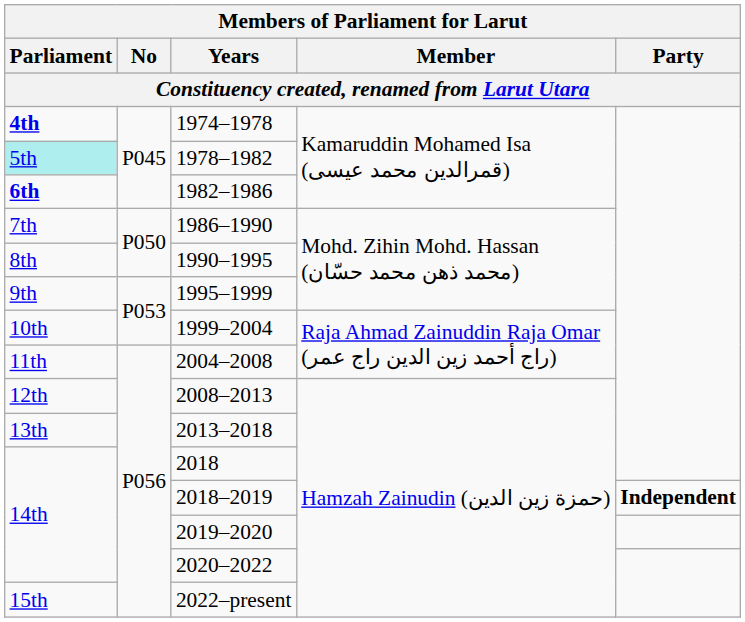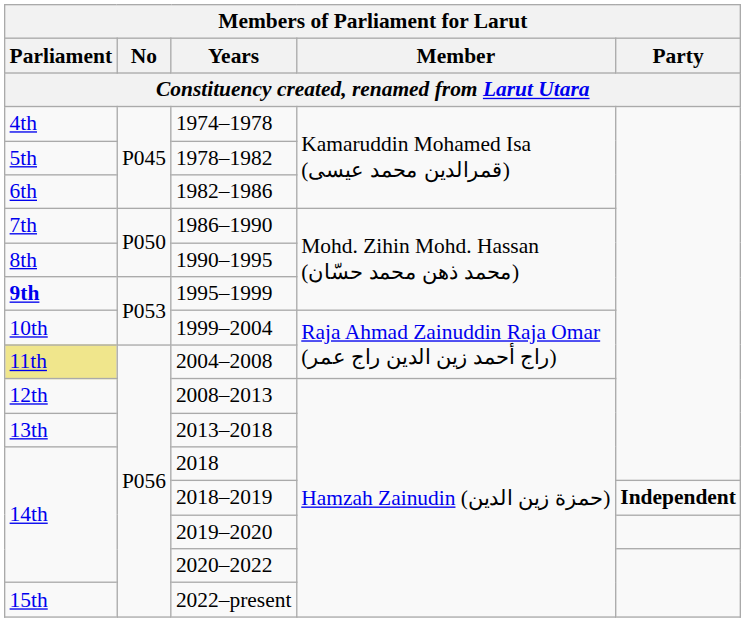 <table class=wikitable>
 <tr>
 <th colspan="5">Members of Parliament for Larut</th>
 </tr>
 <tr>
 <th>Parliament</th>
 <th>No</th>
 <th>Years</th>
 <th>Member</th>
 <th>Party</th>
 </tr>
 <tr>
 <th colspan="5" align="center"><em>Constituency created, renamed from <a href='#'>Larut Utara</a></em></th>
 </tr>
 <tr>
-<td><strong><a href='#'>4th</a></strong></td>
+<td><a href='#'>4th</a></td>
 <td rowspan="3">P045</td>
 <td>1974–1978</td>
 <td rowspan=3>Kamaruddin Mohamed Isa  <br>(قمرالدين محمد عيسى)</td>
 <td rowspan="11"></td>
 </tr>
 <tr>
-<td style="background: paleturquoise;"><a href='#'>5th</a></td>
+<td><a href='#'>5th</a></td>
 <td>1978–1982</td>
 </tr>
 <tr>
-<td><strong><a href='#'>6th</a></strong></td>
+<td><a href='#'>6th</a></td>
 <td>1982–1986</td>
 </tr>
 <tr>
 <td><a href='#'>7th</a></td>
 <td rowspan="2">P050</td>
 <td>1986–1990</td>
 <td rowspan=3>Mohd. Zihin Mohd. Hassan  <br>(محمد ذهن محمد حسّان)</td>
 </tr>
 <tr>
 <td><a href='#'>8th</a></td>
 <td>1990–1995</td>
 </tr>
 <tr>
-<td><a href='#'>9th</a></td>
+<td><strong><a href='#'>9th</a></strong></td>
 <td rowspan="2">P053</td>
 <td>1995–1999</td>
 </tr>
 <tr>
 <td><a href='#'>10th</a></td>
 <td>1999–2004</td>
 <td rowspan=2><a href='#'>Raja Ahmad Zainuddin Raja Omar</a> <br> (راج أحمد زين الدين راج عمر)</td>
 </tr>
 <tr>
-<td><a href='#'>11th</a></td>
+<td style="background: khaki;"><a href='#'>11th</a></td>
 <td rowspan="8">P056</td>
 <td>2004–2008</td>
 </tr>
 <tr>
 <td><a href='#'>12th</a></td>
 <td>2008–2013</td>
 <td rowspan="7"><a href='#'>Hamzah Zainudin</a> (حمزة زين الدين)</td>
 </tr>
 <tr>
 <td><a href='#'>13th</a></td>
 <td>2013–2018</td>
 </tr>
 <tr>
 <td rowspan="4"><a href='#'>14th</a></td>
 <td>2018</td>
 </tr>
 <tr>
 <td>2018–2019</td>
 <td><strong>Independent</strong></td>
 </tr>
 <tr>
 <td>2019–2020</td>
 <td></td>
 </tr>
 <tr>
 <td>2020–2022</td>
 <td rowspan=2></td>
 </tr>
 <tr>
 <td><a href='#'>15th</a></td>
 <td>2022–present</td>
 </tr>
 </table>
